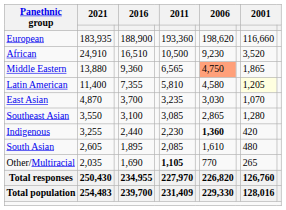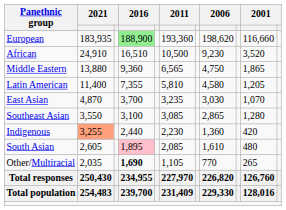 <table class="wikitable collapsible sortable">
 <tr>
 <th rowspan="2"><a href='#'>Panethnic</a><br>group</th>
 <th colspan="2">2021</th>
 <th colspan="2">2016</th>
 <th colspan="2">2011</th>
 <th colspan="2">2006</th>
 <th colspan="2">2001</th>
 </tr>
 <tr>
 <th><a href='#'></a></th>
 <th></th>
 <th></th>
 <th></th>
 <th></th>
 <th></th>
 <th></th>
 <th></th>
 <th></th>
 <th></th>
 </tr>
 <tr>
 <td><a href='#'>European</a></td>
 <td>183,935</td>
 <td></td>
-<td>188,900</td>
+<td style="background: lightgreen;">188,900</td>
 <td></td>
 <td>193,360</td>
 <td></td>
 <td>198,620</td>
 <td></td>
 <td>116,660</td>
 <td></td>
 </tr>
 <tr>
 <td><a href='#'>African</a></td>
 <td>24,910</td>
 <td></td>
 <td>16,510</td>
 <td></td>
 <td>10,500</td>
 <td></td>
 <td>9,230</td>
 <td></td>
 <td>3,520</td>
 <td></td>
 </tr>
 <tr>
 <td><a href='#'>Middle Eastern</a></td>
 <td>13,880</td>
 <td></td>
 <td>9,360</td>
 <td></td>
 <td>6,565</td>
 <td></td>
-<td style="background: lightsalmon;">4,750</td>
+<td>4,750</td>
 <td></td>
 <td>1,865</td>
 <td></td>
 </tr>
 <tr>
 <td><a href='#'>Latin American</a></td>
 <td>11,400</td>
 <td></td>
 <td>7,355</td>
 <td></td>
 <td>5,810</td>
 <td></td>
 <td>4,580</td>
 <td></td>
-<td style="background: lightyellow;">1,205</td>
+<td>1,205</td>
 <td></td>
 </tr>
 <tr>
 <td><a href='#'>East Asian</a></td>
 <td>4,870</td>
 <td></td>
 <td>3,700</td>
 <td></td>
 <td>3,235</td>
 <td></td>
 <td>3,030</td>
 <td></td>
 <td>1,070</td>
 <td></td>
 </tr>
 <tr>
 <td><a href='#'>Southeast Asian</a></td>
 <td>3,550</td>
 <td></td>
 <td>3,100</td>
 <td></td>
 <td>3,085</td>
 <td></td>
 <td>2,865</td>
 <td></td>
 <td>1,280</td>
 <td></td>
 </tr>
 <tr>
 <td><a href='#'>Indigenous</a></td>
-<td>3,255</td>
+<td style="background: lightsalmon;">3,255</td>
 <td></td>
 <td>2,440</td>
 <td></td>
 <td>2,230</td>
 <td></td>
-<td><strong>1,360</strong></td>
+<td>1,360</td>
 <td></td>
 <td>420</td>
 <td></td>
 </tr>
 <tr>
 <td><a href='#'>South Asian</a></td>
 <td>2,605</td>
 <td></td>
-<td>1,895</td>
+<td style="background: pink;">1,895</td>
 <td></td>
 <td>2,085</td>
 <td></td>
 <td>1,610</td>
 <td></td>
 <td>480</td>
 <td></td>
 </tr>
 <tr>
 <td>Other/<a href='#'>Multiracial</a></td>
 <td>2,035</td>
 <td></td>
-<td>1,690</td>
+<td><strong>1,690</strong></td>
 <td></td>
-<td><strong>1,105</strong></td>
+<td>1,105</td>
 <td></td>
 <td>770</td>
 <td></td>
 <td>265</td>
 <td></td>
 </tr>
 <tr>
 <th>Total responses</th>
 <th>250,430</th>
 <th></th>
 <th>234,955</th>
 <th></th>
 <th>227,970</th>
 <th></th>
 <th>226,820</th>
 <th></th>
 <th>126,760</th>
 <th></th>
 </tr>
 <tr>
 <th>Total population</th>
 <th>254,483</th>
 <th></th>
 <th>239,700</th>
 <th></th>
 <th>231,409</th>
 <th></th>
 <th>229,330</th>
 <th></th>
 <th>128,016</th>
 <th></th>
 </tr>
 <tr class="sortbottom">
 <td colspan="15"></td>
 </tr>
 </table>
